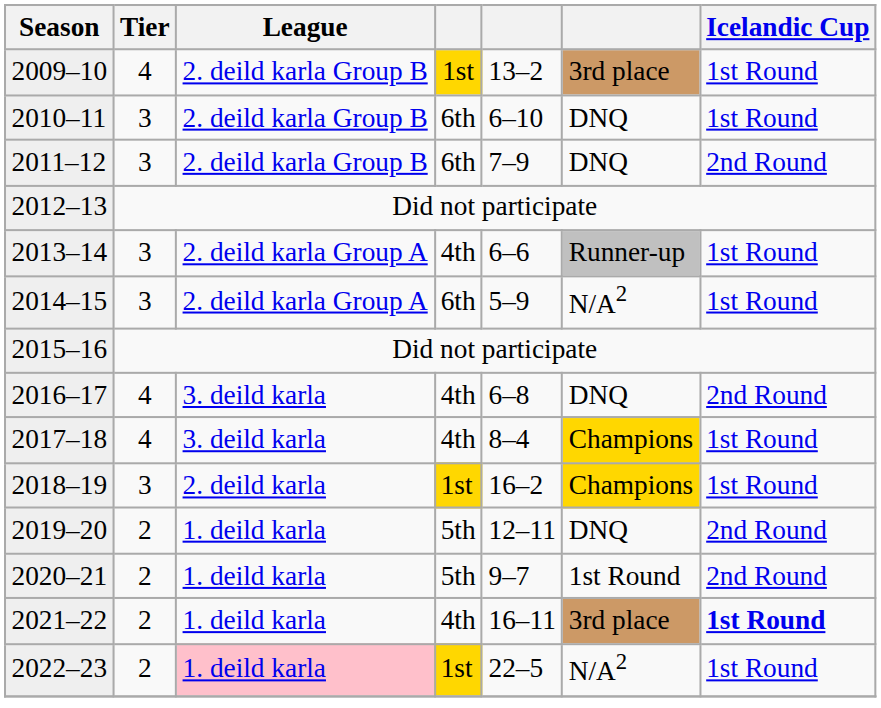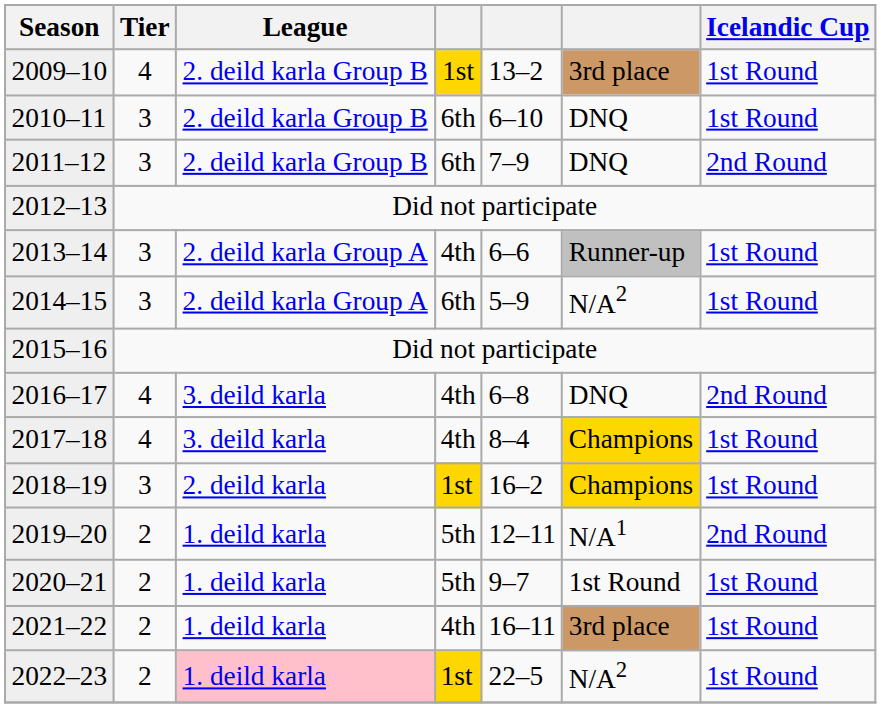 <table class="wikitable" style="font-size:85%">
 <tr>
 <th>Season</th>
 <th>Tier</th>
 <th>League</th>
 <th></th>
 <th></th>
 <th></th>
 <th><a href='#'>Icelandic Cup</a></th>
 </tr>
 <tr>
 <td style="background:#efefef;">2009–10</td>
 <td align="center">4</td>
 <td><a href='#'>2. deild karla Group B</a></td>
 <td align="center" style="background:gold">1st</td>
 <td>13–2</td>
 <td style="background:#cc9966">3rd place</td>
 <td><a href='#'>1st Round</a></td>
 </tr>
 <tr>
 <td style="background:#efefef;">2010–11</td>
 <td align="center">3</td>
 <td><a href='#'>2. deild karla Group B</a></td>
 <td align="center">6th</td>
 <td>6–10</td>
 <td>DNQ</td>
 <td><a href='#'>1st Round</a></td>
 </tr>
 <tr>
 <td style="background:#efefef;">2011–12</td>
 <td align="center">3</td>
 <td><a href='#'>2. deild karla Group B</a></td>
 <td align="center">6th</td>
 <td>7–9</td>
 <td>DNQ</td>
 <td><a href='#'>2nd Round</a></td>
 </tr>
 <tr>
 <td style="background:#efefef;">2012–13</td>
 <td align="center" colspan=6>Did not participate</td>
 </tr>
 <tr>
 <td style="background:#efefef;">2013–14</td>
 <td align="center">3</td>
 <td><a href='#'>2. deild karla Group A</a></td>
 <td align="center">4th</td>
 <td>6–6</td>
 <td style="background:silver ">Runner-up</td>
 <td><a href='#'>1st Round</a></td>
 </tr>
 <tr>
 <td style="background:#efefef;">2014–15</td>
 <td align="center">3</td>
 <td><a href='#'>2. deild karla Group A</a></td>
 <td align="center">6th</td>
 <td>5–9</td>
 <td>N/A<sup>2</sup></td>
 <td><a href='#'>1st Round</a></td>
 </tr>
 <tr>
 <td style="background:#efefef;">2015–16</td>
 <td align="center" colspan=6>Did not participate</td>
 </tr>
 <tr>
 <td style="background:#efefef;">2016–17</td>
 <td align="center">4</td>
 <td><a href='#'>3. deild karla</a></td>
 <td align="center">4th</td>
 <td>6–8</td>
 <td>DNQ</td>
 <td><a href='#'>2nd Round</a></td>
 </tr>
 <tr>
 <td style="background:#efefef;">2017–18</td>
 <td align="center">4</td>
 <td><a href='#'>3. deild karla</a></td>
 <td align="center">4th</td>
 <td>8–4</td>
 <td style="background:gold ">Champions</td>
 <td><a href='#'>1st Round</a></td>
 </tr>
 <tr>
 <td style="background:#efefef;">2018–19</td>
 <td align="center">3</td>
 <td><a href='#'>2. deild karla</a></td>
 <td style="background:gold ">1st</td>
 <td>16–2</td>
 <td style="background:gold ">Champions</td>
 <td><a href='#'>1st Round</a></td>
 </tr>
 <tr>
 <td style="background:#efefef;">2019–20</td>
 <td align="center">2</td>
 <td><a href='#'>1. deild karla</a></td>
 <td>5th</td>
 <td>12–11</td>
-<td>DNQ</td>
+<td>N/A<sup>1</sup></td>
 <td><a href='#'>2nd Round</a></td>
 </tr>
 <tr>
 <td style="background:#efefef;">2020–21</td>
 <td align="center">2</td>
 <td><a href='#'>1. deild karla</a></td>
 <td>5th</td>
 <td>9–7</td>
 <td>1st Round</td>
-<td><a href='#'>2nd Round</a></td>
+<td><a href='#'>1st Round</a></td>
 </tr>
 <tr>
 <td style="background:#efefef;">2021–22</td>
 <td align="center">2</td>
 <td><a href='#'>1. deild karla</a></td>
 <td>4th</td>
 <td>16–11</td>
 <td style="background:#cc9966">3rd place</td>
-<td><strong><a href='#'>1st Round</a></strong></td>
+<td><a href='#'>1st Round</a></td>
 </tr>
 <tr>
 <td style="background:#efefef;">2022–23</td>
 <td align="center">2</td>
 <td style="background: pink;"><a href='#'>1. deild karla</a></td>
 <td style="background:gold ">1st</td>
 <td>22–5</td>
 <td>N/A<sup>2</sup></td>
 <td><a href='#'>1st Round</a></td>
 </tr>
 <tr>
 </tr>
 </table>
